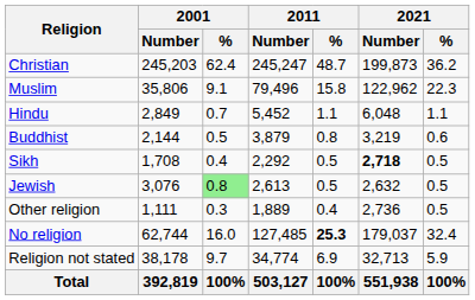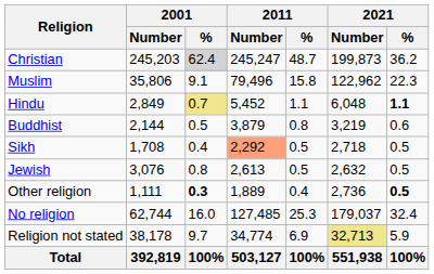 <table class="wikitable sortable">
 <tr>
 <th rowspan="2">Religion</th>
 <th colspan="2">2001</th>
 <th colspan="2">2011</th>
 <th colspan="2">2021</th>
 </tr>
 <tr>
 <th>Number</th>
 <th>%</th>
 <th>Number</th>
 <th>%</th>
 <th>Number</th>
 <th>%</th>
 </tr>
 <tr>
 <td><a href='#'>Christian</a></td>
 <td>245,203</td>
-<td>62.4</td>
+<td style="background: lightgrey;">62.4</td>
 <td>245,247</td>
 <td>48.7</td>
 <td>199,873</td>
 <td>36.2</td>
 </tr>
 <tr>
 <td><a href='#'>Muslim</a></td>
 <td>35,806</td>
 <td>9.1</td>
 <td>79,496</td>
 <td>15.8</td>
 <td>122,962</td>
 <td>22.3</td>
 </tr>
 <tr>
 <td><a href='#'>Hindu</a></td>
 <td>2,849</td>
-<td>0.7</td>
+<td style="background: khaki;">0.7</td>
 <td>5,452</td>
 <td>1.1</td>
 <td>6,048</td>
-<td>1.1</td>
+<td><strong>1.1</strong></td>
 </tr>
 <tr>
 <td><a href='#'>Buddhist</a></td>
 <td>2,144</td>
 <td>0.5</td>
 <td>3,879</td>
 <td>0.8</td>
 <td>3,219</td>
 <td>0.6</td>
 </tr>
 <tr>
 <td><a href='#'>Sikh</a></td>
 <td>1,708</td>
 <td>0.4</td>
-<td>2,292</td>
+<td style="background: lightsalmon;">2,292</td>
 <td>0.5</td>
-<td><strong>2,718</strong></td>
+<td>2,718</td>
 <td>0.5</td>
 </tr>
 <tr>
 <td><a href='#'>Jewish</a></td>
 <td>3,076</td>
-<td style="background: lightgreen;">0.8</td>
+<td>0.8</td>
 <td>2,613</td>
 <td>0.5</td>
 <td>2,632</td>
 <td>0.5</td>
 </tr>
 <tr>
 <td>Other religion</td>
 <td>1,111</td>
-<td>0.3</td>
+<td><strong>0.3</strong></td>
 <td>1,889</td>
 <td>0.4</td>
 <td>2,736</td>
-<td>0.5</td>
+<td><strong>0.5</strong></td>
 </tr>
 <tr>
 <td><a href='#'>No religion</a></td>
 <td>62,744</td>
 <td>16.0</td>
 <td>127,485</td>
-<td><strong>25.3</strong></td>
+<td>25.3</td>
 <td>179,037</td>
 <td>32.4</td>
 </tr>
 <tr>
 <td>Religion not stated</td>
 <td>38,178</td>
 <td>9.7</td>
 <td>34,774</td>
 <td>6.9</td>
-<td>32,713</td>
+<td style="background: khaki;">32,713</td>
 <td>5.9</td>
 </tr>
 <tr>
 <th>Total</th>
 <th>392,819</th>
 <th>100%</th>
 <th>503,127</th>
 <th>100%</th>
 <th>551,938</th>
 <th>100%</th>
 </tr>
 </table>
